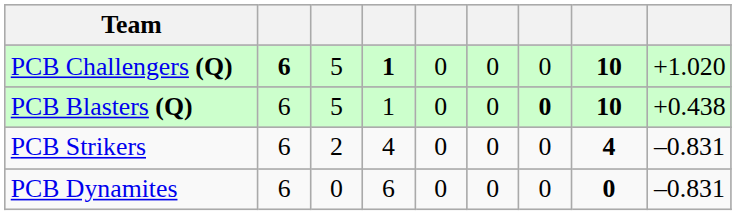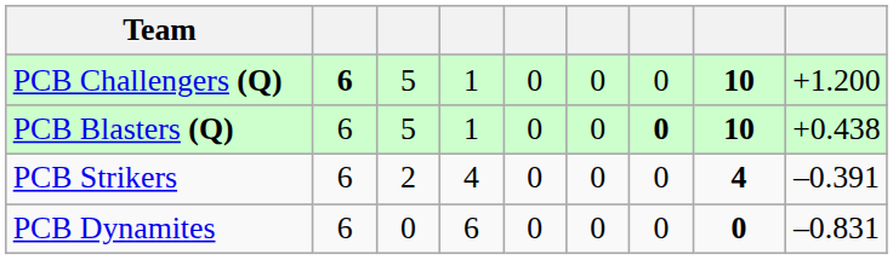 <table class="wikitable" style="text-align:center">
 <tr>
 <th width="150">Team</th>
 <th width="25"></th>
 <th width="25"></th>
 <th width="25"></th>
 <th width="25"></th>
 <th width="25"></th>
 <th width="25"></th>
 <th width="40"></th>
 <th width="45"></th>
 </tr>
 <tr style="background:#cfc">
 <td style="text-align:left"><a href='#'>PCB Challengers</a> <strong>(Q)</strong></td>
 <td><strong>6</strong></td>
 <td>5</td>
-<td><strong>1</strong></td>
+<td>1</td>
 <td>0</td>
 <td>0</td>
 <td>0</td>
 <td><strong>10</strong></td>
-<td>+1.020</td>
+<td>+1.200</td>
 </tr>
 <tr style="background:#cfc">
 <td style="text-align:left"><a href='#'>PCB Blasters</a> <strong>(Q)</strong></td>
 <td>6</td>
 <td>5</td>
 <td>1</td>
 <td>0</td>
 <td>0</td>
 <td><strong>0</strong></td>
 <td><strong>10</strong></td>
 <td>+0.438</td>
 </tr>
 <tr>
 <td style="text-align:left"><a href='#'>PCB Strikers</a></td>
 <td>6</td>
 <td>2</td>
 <td>4</td>
 <td>0</td>
 <td>0</td>
 <td>0</td>
 <td><strong>4</strong></td>
-<td>–0.831</td>
+<td>–0.391</td>
 </tr>
 <tr>
 <td style="text-align:left"><a href='#'>PCB Dynamites</a></td>
 <td>6</td>
 <td>0</td>
 <td>6</td>
 <td>0</td>
 <td>0</td>
 <td>0</td>
 <td><strong>0</strong></td>
 <td>–0.831</td>
 </tr>
 </table>
